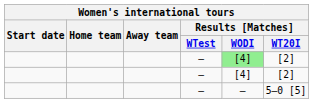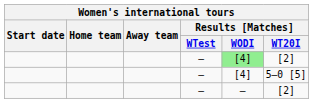 <table class="wikitable unsortable" style="text-align:center; white-space:nowrap">
 <tr>
 <th colspan=6>Women's international tours</th>
 </tr>
 <tr>
 <th rowspan=2>Start date</th>
 <th rowspan=2>Home team</th>
 <th rowspan=2>Away team</th>
 <th colspan=3>Results [Matches]</th>
 </tr>
 <tr>
 <th width=50><a href='#'>WTest</a></th>
 <th width=50><a href='#'>WODI</a></th>
 <th width=50><a href='#'>WT20I</a></th>
 </tr>
 <tr>
 <td style="text-align:left"><a href='#'></a></td>
 <td style="text-align:left"></td>
 <td style="text-align:left"></td>
 <td>—</td>
 <td style="background: lightgreen;">[4]</td>
 <td>[2]</td>
 </tr>
 <tr>
 <td style="text-align:left"><a href='#'></a></td>
 <td style="text-align:left"></td>
 <td style="text-align:left"></td>
 <td>—</td>
 <td>[4]</td>
-<td>[2]</td>
+<td>5–0 [5]</td>
 </tr>
 <tr>
 <td style="text-align:left"><a href='#'></a></td>
 <td style="text-align:left"></td>
 <td style="text-align:left"></td>
 <td>—</td>
 <td>—</td>
-<td>5–0 [5]</td>
+<td>[2]</td>
 </tr>
 </table>
